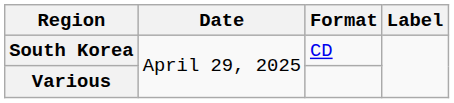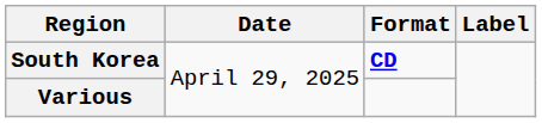 <table class="wikitable plainrowheaders">
 <tr>
 <th scope="col">Region</th>
 <th scope="col">Date</th>
 <th scope="col">Format</th>
 <th scope="col">Label</th>
 </tr>
 <tr>
 <th scope="row">South Korea</th>
 <td rowspan="2">April 29, 2025</td>
-<td><a href='#'>CD</a></td>
+<td><strong><a href='#'>CD</a></strong></td>
 <td rowspan="2"></td>
 </tr>
 <tr>
 <th scope="row">Various</th>
 <td></td>
 </tr>
 </table>
